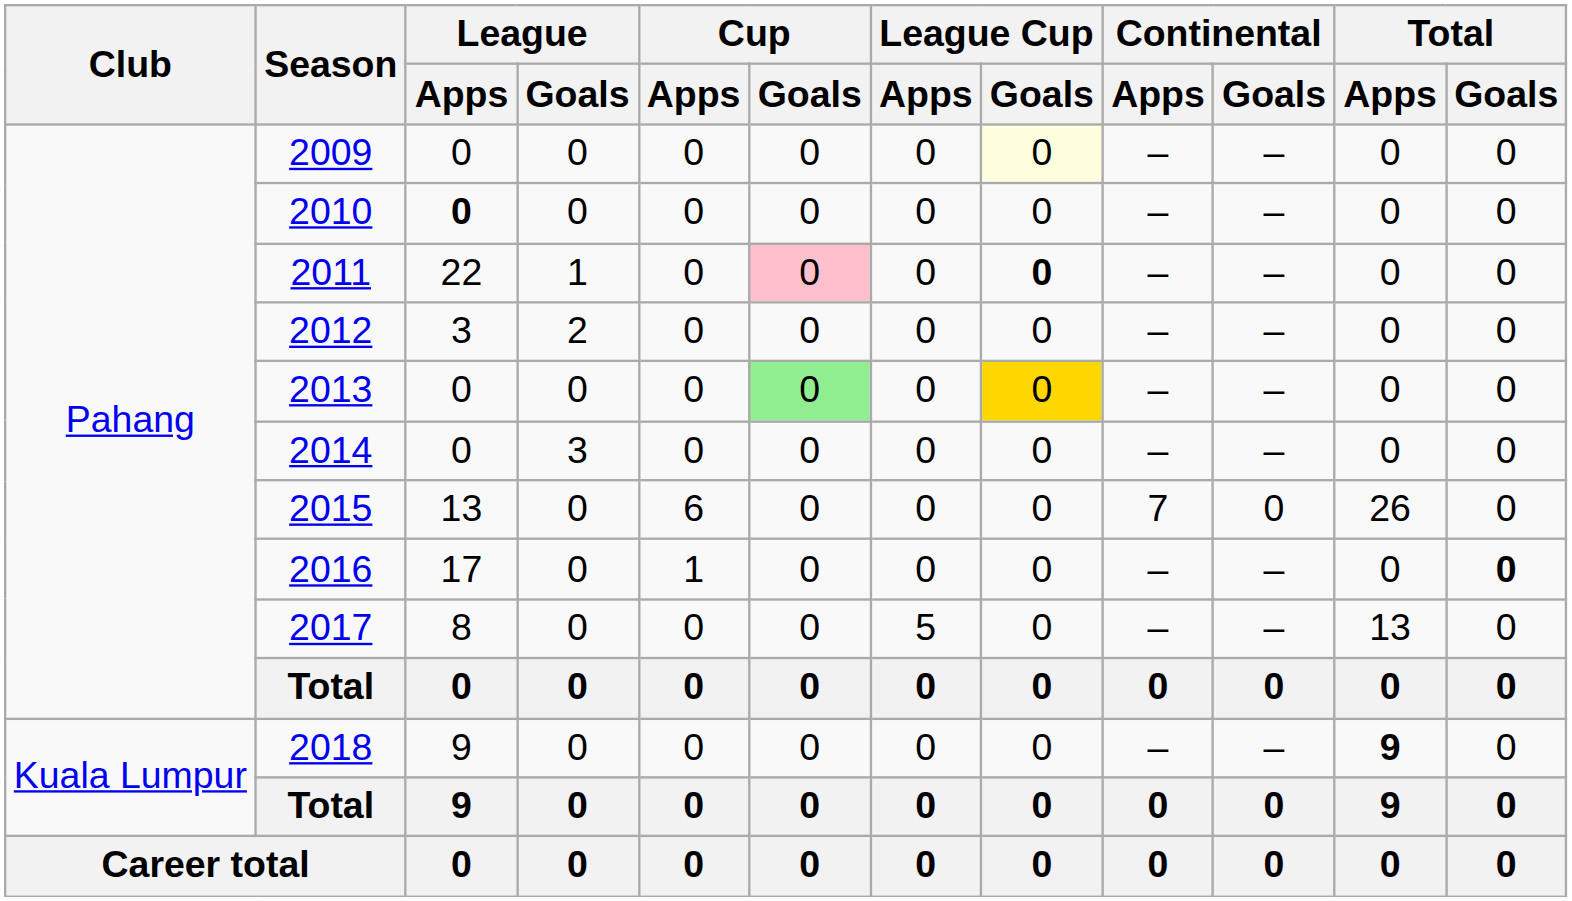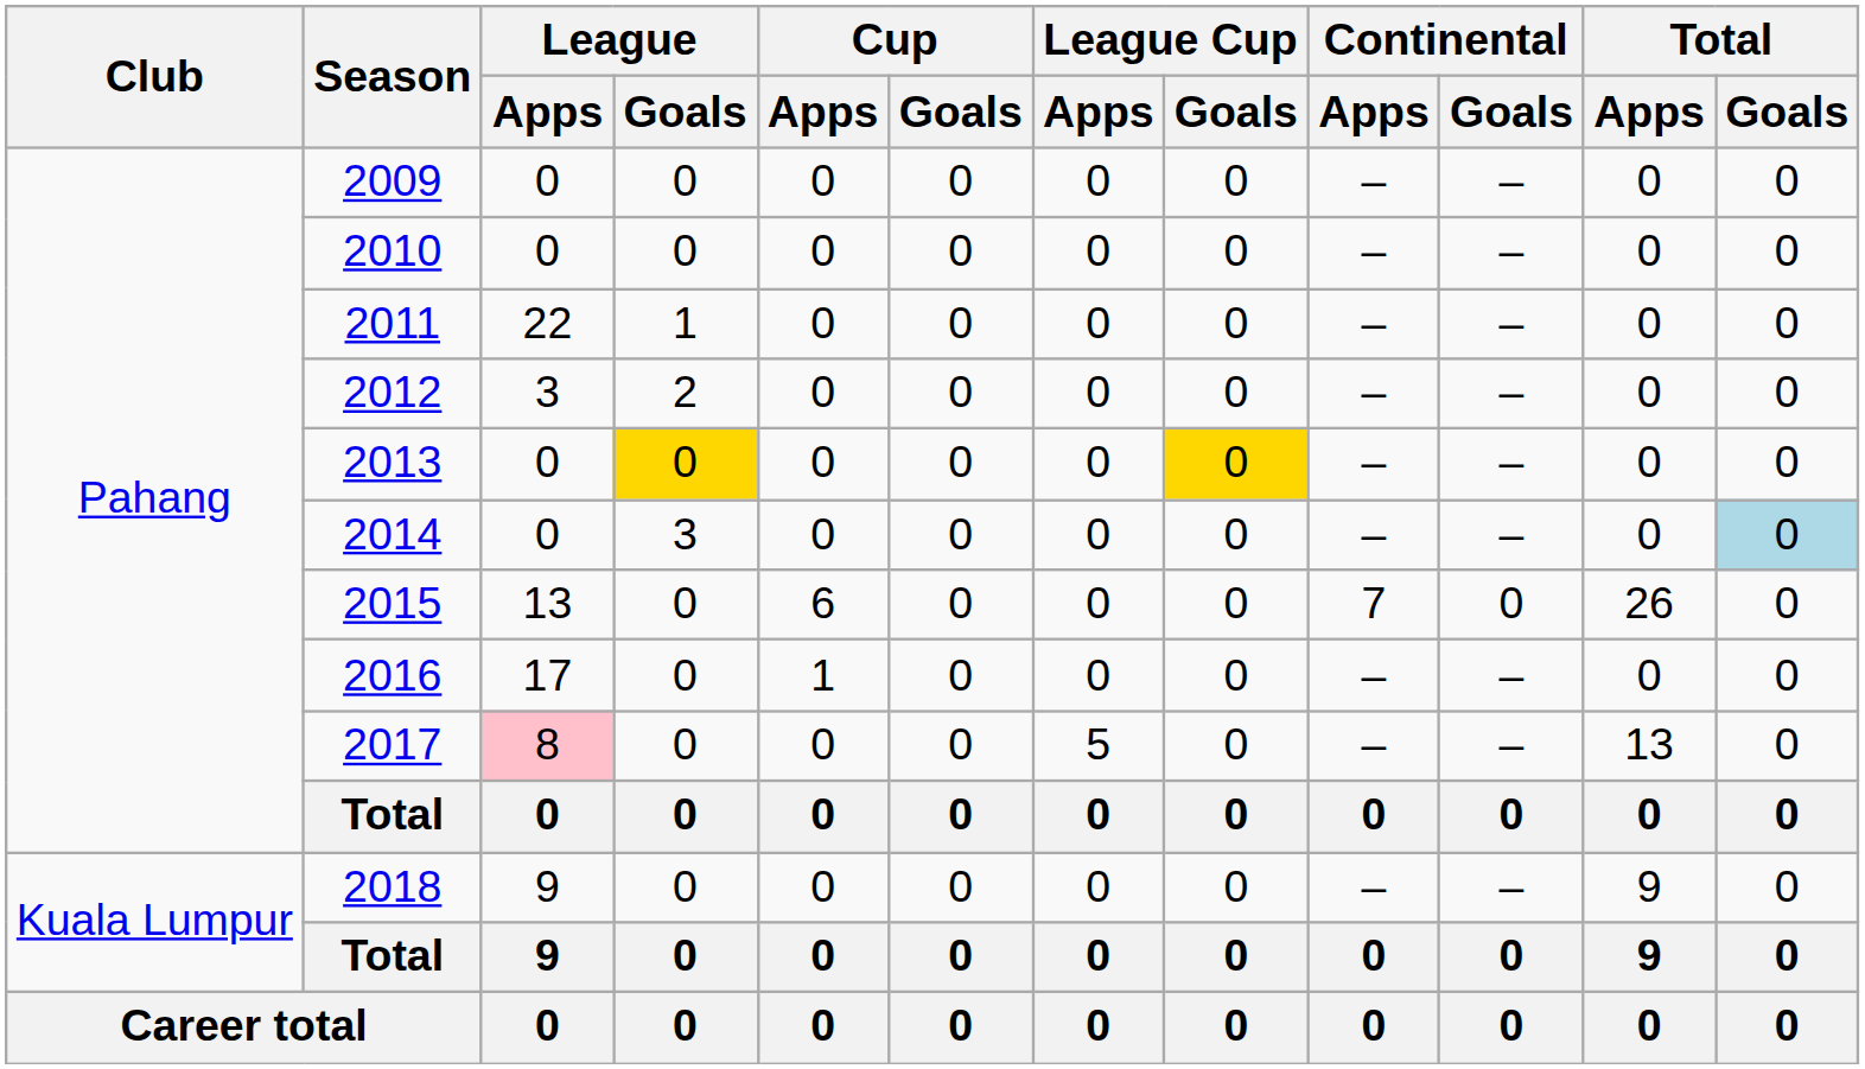 <table class="wikitable" style="text-align: center;">
 <tr>
 <th rowspan="2">Club</th>
 <th rowspan="2">Season</th>
 <th colspan="2">League</th>
 <th colspan="2">Cup</th>
 <th colspan="2">League Cup</th>
 <th colspan="2">Continental</th>
 <th colspan="2">Total</th>
 </tr>
 <tr>
 <th>Apps</th>
 <th>Goals</th>
 <th>Apps</th>
 <th>Goals</th>
 <th>Apps</th>
 <th>Goals</th>
 <th>Apps</th>
 <th>Goals</th>
 <th>Apps</th>
 <th>Goals</th>
 </tr>
 <tr>
 <td rowspan="10" valign="center"><a href='#'>Pahang</a></td>
 <td><a href='#'>2009</a></td>
 <td>0</td>
 <td>0</td>
 <td>0</td>
 <td>0</td>
 <td>0</td>
-<td style="background: lightyellow;">0</td>
+<td>0</td>
 <td>–</td>
 <td>–</td>
 <td>0</td>
 <td>0</td>
 </tr>
 <tr>
 <td><a href='#'>2010</a></td>
-<td><strong>0</strong></td>
+<td>0</td>
 <td>0</td>
 <td>0</td>
 <td>0</td>
 <td>0</td>
 <td>0</td>
 <td>–</td>
 <td>–</td>
 <td>0</td>
 <td>0</td>
 </tr>
 <tr>
 <td><a href='#'>2011</a></td>
 <td>22</td>
 <td>1</td>
 <td>0</td>
-<td style="background: pink;">0</td>
 <td>0</td>
-<td><strong>0</strong></td>
+<td>0</td>
+<td>0</td>
 <td>–</td>
 <td>–</td>
 <td>0</td>
 <td>0</td>
 </tr>
 <tr>
 <td><a href='#'>2012</a></td>
 <td>3</td>
 <td>2</td>
 <td>0</td>
 <td>0</td>
 <td>0</td>
 <td>0</td>
 <td>–</td>
 <td>–</td>
 <td>0</td>
 <td>0</td>
 </tr>
 <tr>
 <td><a href='#'>2013</a></td>
 <td>0</td>
+<td style="background: gold;">0</td>
 <td>0</td>
 <td>0</td>
-<td style="background: lightgreen;">0</td>
 <td>0</td>
 <td style="background: gold;">0</td>
 <td>–</td>
 <td>–</td>
 <td>0</td>
 <td>0</td>
 </tr>
 <tr>
 <td><a href='#'>2014</a></td>
 <td>0</td>
 <td>3</td>
 <td>0</td>
 <td>0</td>
 <td>0</td>
 <td>0</td>
 <td>–</td>
 <td>–</td>
 <td>0</td>
-<td>0</td>
+<td style="background: lightblue;">0</td>
 </tr>
 <tr>
 <td><a href='#'>2015</a></td>
 <td>13</td>
 <td>0</td>
 <td>6</td>
 <td>0</td>
 <td>0</td>
 <td>0</td>
 <td>7</td>
 <td>0</td>
 <td>26</td>
 <td>0</td>
 </tr>
 <tr>
 <td><a href='#'>2016</a></td>
 <td>17</td>
 <td>0</td>
 <td>1</td>
 <td>0</td>
 <td>0</td>
 <td>0</td>
 <td>–</td>
 <td>–</td>
 <td>0</td>
-<td><strong>0</strong></td>
+<td>0</td>
 </tr>
 <tr>
 <td><a href='#'>2017</a></td>
-<td>8</td>
+<td style="background: pink;">8</td>
 <td>0</td>
 <td>0</td>
 <td>0</td>
 <td>5</td>
 <td>0</td>
 <td>–</td>
 <td>–</td>
 <td>13</td>
 <td>0</td>
 </tr>
 <tr>
 <th>Total</th>
 <th>0</th>
 <th>0</th>
 <th>0</th>
 <th>0</th>
 <th>0</th>
 <th>0</th>
 <th>0</th>
 <th>0</th>
 <th>0</th>
 <th>0</th>
 </tr>
 <tr>
 <td rowspan="2" valign="center"><a href='#'>Kuala Lumpur</a></td>
 <td><a href='#'>2018</a></td>
 <td>9</td>
 <td>0</td>
 <td>0</td>
 <td>0</td>
 <td>0</td>
 <td>0</td>
 <td>–</td>
 <td>–</td>
-<td><strong>9</strong></td>
+<td>9</td>
 <td>0</td>
 </tr>
 <tr>
 <th>Total</th>
 <th>9</th>
 <th>0</th>
 <th>0</th>
 <th>0</th>
 <th>0</th>
 <th>0</th>
 <th>0</th>
 <th>0</th>
 <th>9</th>
 <th>0</th>
 </tr>
 <tr>
 <th colspan=2>Career total</th>
 <th>0</th>
 <th>0</th>
 <th>0</th>
 <th>0</th>
 <th>0</th>
 <th>0</th>
 <th>0</th>
 <th>0</th>
 <th>0</th>
 <th>0</th>
 </tr>
 </table>
